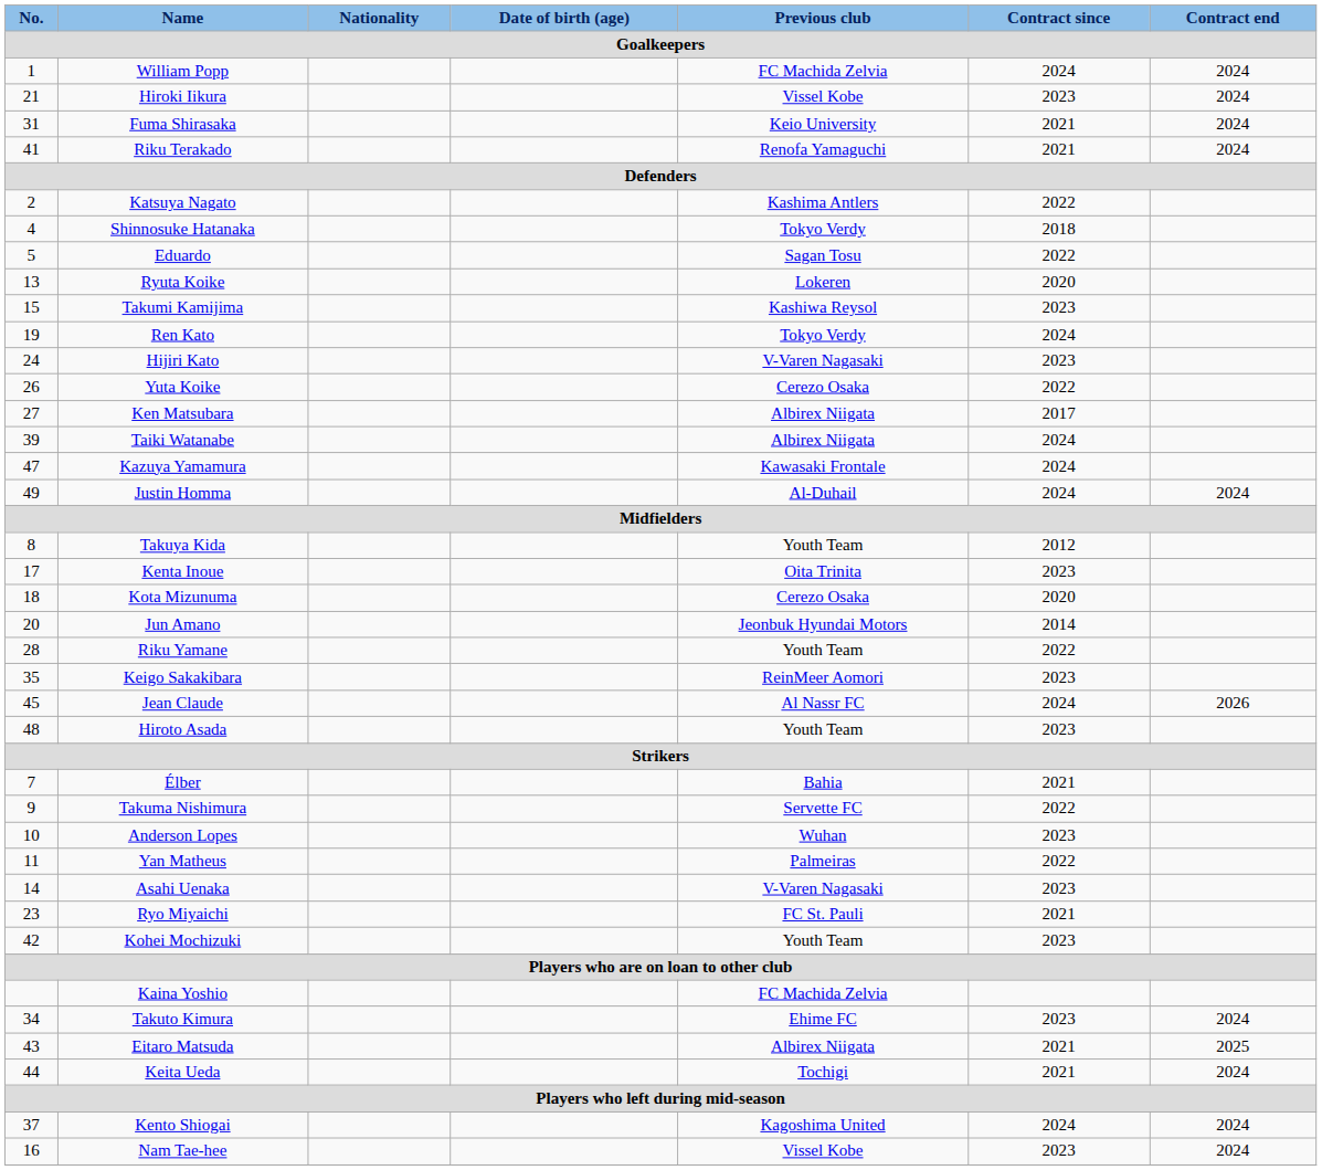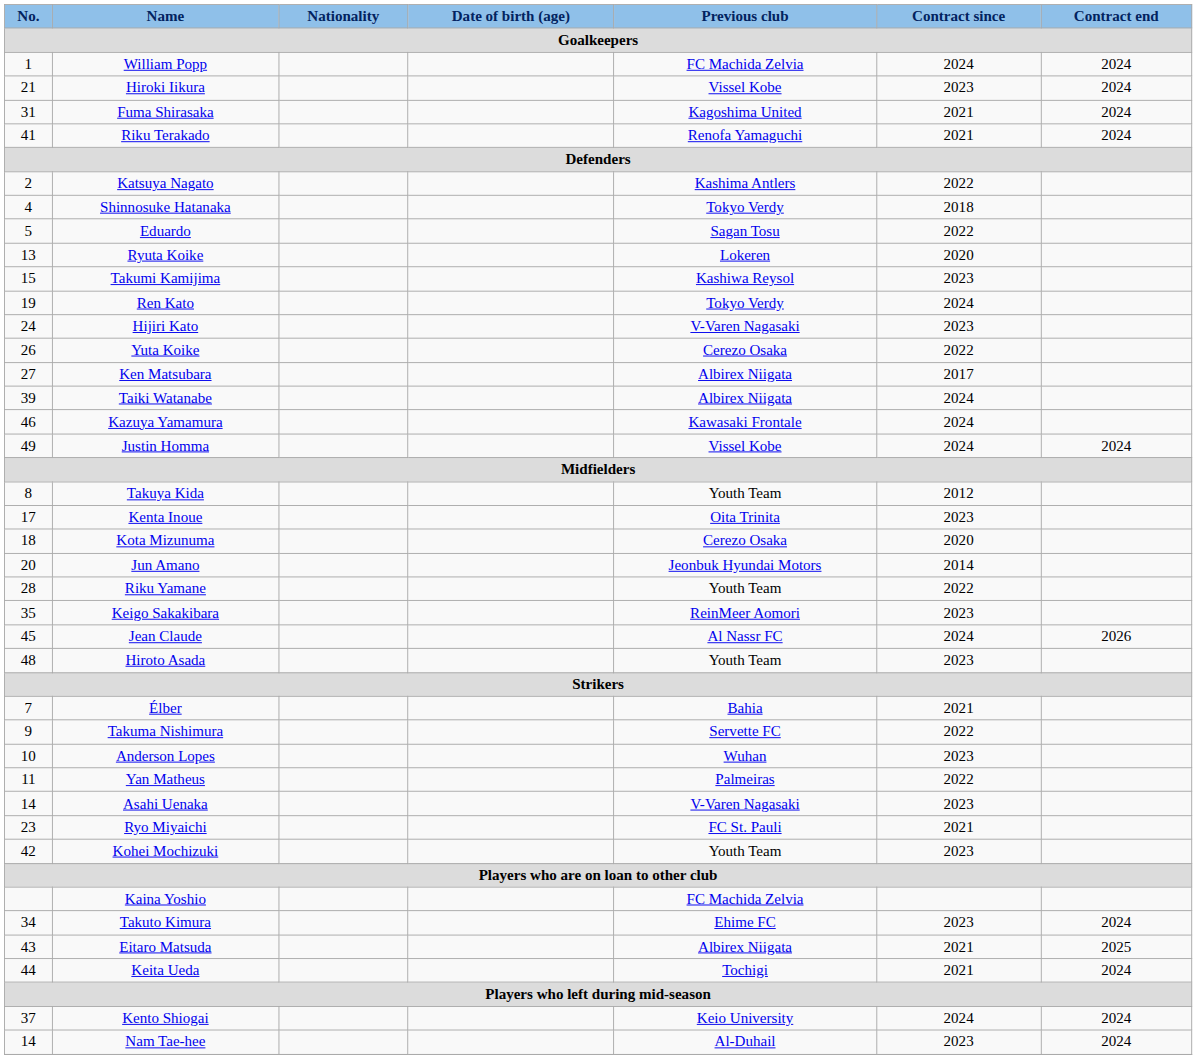 <table class="wikitable" style="text-align:center; font-size:100%; width:100%;">
 <tr>
 <th style="background:#8FC0E9;color:#022360; text-align:center;">No.</th>
 <th style="background:#8FC0E9;color:#022360; text-align:center;">Name</th>
 <th style="background:#8FC0E9;color:#022360; text-align:center;">Nationality</th>
 <th style="background:#8FC0E9;color:#022360; text-align:center;">Date of birth (age)</th>
 <th style="background:#8FC0E9;color:#022360; text-align:center;">Previous club</th>
 <th style="background:#8FC0E9;color:#022360; text-align:center;">Contract since</th>
 <th style="background:#8FC0E9;color:#022360; text-align:center;">Contract end</th>
 </tr>
 <tr>
 <th colspan="8" style="background:#dcdcdc; tepxt-align:center;">Goalkeepers</th>
 </tr>
 <tr>
 <td>1</td>
 <td><a href='#'>William Popp</a></td>
 <td></td>
 <td></td>
 <td> <a href='#'>FC Machida Zelvia</a></td>
 <td>2024</td>
 <td>2024</td>
 </tr>
 <tr>
 <td>21</td>
 <td><a href='#'>Hiroki Iikura</a></td>
 <td></td>
 <td></td>
 <td> <a href='#'>Vissel Kobe</a></td>
 <td>2023</td>
 <td>2024</td>
 </tr>
 <tr>
 <td>31</td>
 <td><a href='#'>Fuma Shirasaka</a></td>
 <td></td>
 <td></td>
-<td> <a href='#'>Keio University</a></td>
+<td> <a href='#'>Kagoshima United</a></td>
 <td>2021</td>
 <td>2024</td>
 </tr>
 <tr>
 <td>41</td>
 <td><a href='#'>Riku Terakado</a></td>
 <td></td>
 <td></td>
 <td> <a href='#'>Renofa Yamaguchi</a></td>
 <td>2021</td>
 <td>2024</td>
 </tr>
 <tr>
 <th colspan="8" style="background:#dcdcdc; tepxt-align:center;">Defenders</th>
 </tr>
 <tr>
 <td>2</td>
 <td><a href='#'>Katsuya Nagato</a></td>
 <td></td>
 <td></td>
 <td> <a href='#'>Kashima Antlers</a></td>
 <td>2022</td>
 <td></td>
 </tr>
 <tr>
 <td>4</td>
 <td><a href='#'>Shinnosuke Hatanaka</a></td>
 <td></td>
 <td></td>
 <td> <a href='#'>Tokyo Verdy</a></td>
 <td>2018</td>
 <td></td>
 </tr>
 <tr>
 <td>5</td>
 <td><a href='#'>Eduardo</a></td>
 <td></td>
 <td></td>
 <td> <a href='#'>Sagan Tosu</a></td>
 <td>2022</td>
 <td></td>
 </tr>
 <tr>
 <td>13</td>
 <td><a href='#'>Ryuta Koike</a></td>
 <td></td>
 <td></td>
 <td> <a href='#'>Lokeren</a></td>
 <td>2020</td>
 <td></td>
 </tr>
 <tr>
 <td>15</td>
 <td><a href='#'>Takumi Kamijima</a></td>
 <td></td>
 <td></td>
 <td> <a href='#'>Kashiwa Reysol</a></td>
 <td>2023</td>
 <td></td>
 </tr>
 <tr>
 <td>19</td>
 <td><a href='#'>Ren Kato</a></td>
 <td></td>
 <td></td>
 <td> <a href='#'>Tokyo Verdy</a></td>
 <td>2024</td>
 <td></td>
 </tr>
 <tr>
 <td>24</td>
 <td><a href='#'>Hijiri Kato</a></td>
 <td></td>
 <td></td>
 <td> <a href='#'>V-Varen Nagasaki</a></td>
 <td>2023</td>
 <td></td>
 </tr>
 <tr>
 <td>26</td>
 <td><a href='#'>Yuta Koike</a></td>
 <td></td>
 <td></td>
 <td> <a href='#'>Cerezo Osaka</a></td>
 <td>2022</td>
 <td></td>
 </tr>
 <tr>
 <td>27</td>
 <td><a href='#'>Ken Matsubara</a></td>
 <td></td>
 <td></td>
 <td> <a href='#'>Albirex Niigata</a></td>
 <td>2017</td>
 <td></td>
 </tr>
 <tr>
 <td>39</td>
 <td><a href='#'>Taiki Watanabe</a></td>
 <td></td>
 <td></td>
 <td> <a href='#'>Albirex Niigata</a></td>
 <td>2024</td>
 <td></td>
 </tr>
 <tr>
-<td>47</td>
+<td>46</td>
 <td><a href='#'>Kazuya Yamamura</a></td>
 <td></td>
 <td></td>
 <td> <a href='#'>Kawasaki Frontale</a></td>
 <td>2024</td>
 <td></td>
 </tr>
 <tr>
 <td>49</td>
 <td><a href='#'>Justin Homma</a></td>
 <td></td>
 <td></td>
-<td> <a href='#'>Al-Duhail</a></td>
+<td> <a href='#'>Vissel Kobe</a></td>
 <td>2024</td>
 <td>2024</td>
 </tr>
 <tr>
 <th colspan="8" style="background:#dcdcdc; tepxt-align:center;">Midfielders</th>
 </tr>
 <tr>
 <td>8</td>
 <td><a href='#'>Takuya Kida</a></td>
 <td></td>
 <td></td>
 <td>Youth Team</td>
 <td>2012</td>
 <td></td>
 </tr>
 <tr>
 <td>17</td>
 <td><a href='#'>Kenta Inoue</a></td>
 <td></td>
 <td></td>
 <td> <a href='#'>Oita Trinita</a></td>
 <td>2023</td>
 <td></td>
 </tr>
 <tr>
 <td>18</td>
 <td><a href='#'>Kota Mizunuma</a></td>
 <td></td>
 <td></td>
 <td> <a href='#'>Cerezo Osaka</a></td>
 <td>2020</td>
 <td></td>
 </tr>
 <tr>
 <td>20</td>
 <td><a href='#'>Jun Amano</a></td>
 <td></td>
 <td></td>
 <td> <a href='#'>Jeonbuk Hyundai Motors</a></td>
 <td>2014</td>
 <td></td>
 </tr>
 <tr>
 <td>28</td>
 <td><a href='#'>Riku Yamane</a></td>
 <td></td>
 <td></td>
 <td>Youth Team</td>
 <td>2022</td>
 <td></td>
 </tr>
 <tr>
 <td>35</td>
 <td><a href='#'>Keigo Sakakibara</a></td>
 <td></td>
 <td></td>
 <td> <a href='#'>ReinMeer Aomori</a></td>
 <td>2023</td>
 <td></td>
 </tr>
 <tr>
 <td>45</td>
 <td><a href='#'>Jean Claude</a></td>
 <td></td>
 <td></td>
 <td> <a href='#'>Al Nassr FC</a></td>
 <td>2024</td>
 <td>2026</td>
 </tr>
 <tr>
 <td>48</td>
 <td><a href='#'>Hiroto Asada</a></td>
 <td></td>
 <td></td>
 <td>Youth Team</td>
 <td>2023</td>
 <td></td>
 </tr>
 <tr>
 <th colspan="8" style="background:#dcdcdc; tepxt-align:center;">Strikers</th>
 </tr>
 <tr>
 <td>7</td>
 <td><a href='#'>Élber</a></td>
 <td></td>
 <td></td>
 <td> <a href='#'>Bahia</a></td>
 <td>2021</td>
 <td></td>
 </tr>
 <tr>
 <td>9</td>
 <td><a href='#'>Takuma Nishimura</a></td>
 <td></td>
 <td></td>
 <td> <a href='#'>Servette FC</a></td>
 <td>2022</td>
 <td></td>
 </tr>
 <tr>
 <td>10</td>
 <td><a href='#'>Anderson Lopes</a></td>
 <td></td>
 <td></td>
 <td> <a href='#'>Wuhan</a></td>
 <td>2023</td>
 <td></td>
 </tr>
 <tr>
 <td>11</td>
 <td><a href='#'>Yan Matheus</a></td>
 <td></td>
 <td></td>
 <td> <a href='#'>Palmeiras</a></td>
 <td>2022</td>
 <td></td>
 </tr>
 <tr>
 <td>14</td>
 <td><a href='#'>Asahi Uenaka</a></td>
 <td></td>
 <td></td>
 <td> <a href='#'>V-Varen Nagasaki</a></td>
 <td>2023</td>
 <td></td>
 </tr>
 <tr>
 <td>23</td>
 <td><a href='#'>Ryo Miyaichi</a></td>
 <td></td>
 <td></td>
 <td> <a href='#'>FC St. Pauli</a></td>
 <td>2021</td>
 <td></td>
 </tr>
 <tr>
 <td>42</td>
 <td><a href='#'>Kohei Mochizuki</a></td>
 <td></td>
 <td></td>
 <td>Youth Team</td>
 <td>2023</td>
 <td></td>
 </tr>
 <tr>
 <th colspan="8" style="background:#dcdcdc; tepxt-align:center;">Players who are on loan to other club</th>
 </tr>
 <tr>
 <td></td>
 <td><a href='#'>Kaina Yoshio</a></td>
 <td></td>
 <td></td>
 <td> <a href='#'>FC Machida Zelvia</a></td>
 <td></td>
 <td></td>
 </tr>
 <tr>
 <td>34</td>
 <td><a href='#'>Takuto Kimura</a></td>
 <td></td>
 <td></td>
 <td> <a href='#'>Ehime FC</a></td>
 <td>2023</td>
 <td>2024</td>
 </tr>
 <tr>
 <td>43</td>
 <td><a href='#'>Eitaro Matsuda</a></td>
 <td></td>
 <td></td>
 <td> <a href='#'>Albirex Niigata</a></td>
 <td>2021</td>
 <td>2025</td>
 </tr>
 <tr>
 <td>44</td>
 <td><a href='#'>Keita Ueda</a></td>
 <td></td>
 <td></td>
 <td> <a href='#'>Tochigi</a></td>
 <td>2021</td>
 <td>2024</td>
 </tr>
 <tr>
 <th colspan="8" style="background:#dcdcdc; tepxt-align:center;">Players who left during mid-season</th>
 </tr>
 <tr>
 <td>37</td>
 <td><a href='#'>Kento Shiogai</a></td>
 <td></td>
 <td></td>
-<td> <a href='#'>Kagoshima United</a></td>
+<td> <a href='#'>Keio University</a></td>
 <td>2024</td>
 <td>2024</td>
 </tr>
 <tr>
-<td>16</td>
+<td>14</td>
 <td><a href='#'>Nam Tae-hee</a></td>
 <td></td>
 <td></td>
-<td> <a href='#'>Vissel Kobe</a></td>
+<td> <a href='#'>Al-Duhail</a></td>
 <td>2023</td>
 <td>2024</td>
 </tr>
 <tr>
 </tr>
 </table>
